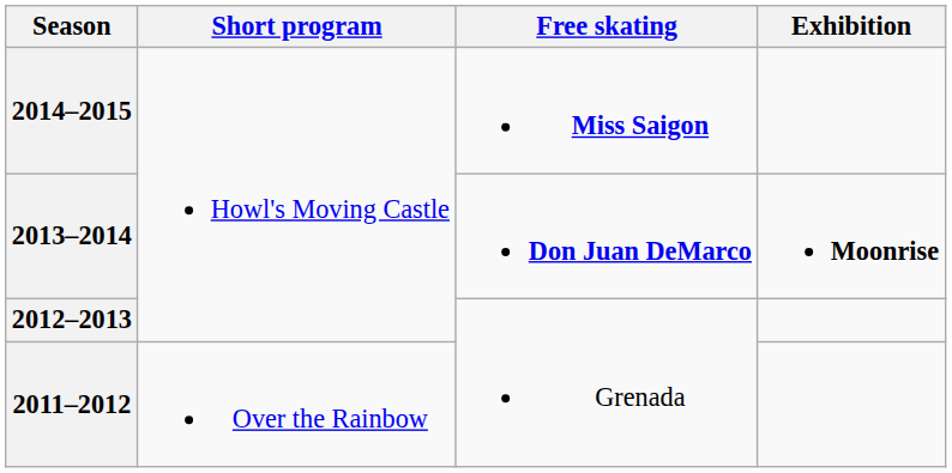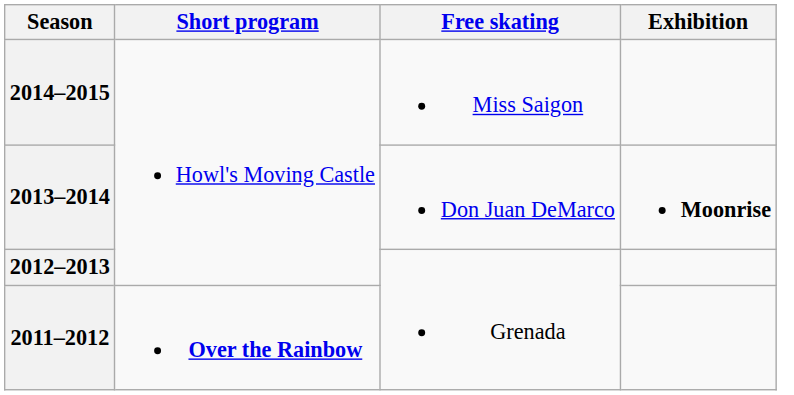 <table class=wikitable style=text-align:center>
 <tr>
 <th>Season</th>
 <th><a href='#'>Short program</a></th>
 <th><a href='#'>Free skating</a></th>
 <th>Exhibition</th>
 </tr>
 <tr>
 <th>2014–2015</th>
 <td rowspan=3><br><ul><li><a href='#'>Howl's Moving Castle</a> <br></li></ul></td>
-<td><strong><br><ul><li><a href='#'>Miss Saigon</a> <br></li></ul></strong></td>
+<td><br><ul><li><a href='#'>Miss Saigon</a> <br></li></ul></td>
 <td></td>
 </tr>
 <tr>
 <th>2013–2014 <br> </th>
-<td><strong><br><ul><li><a href='#'>Don Juan DeMarco</a> <br></li></ul></strong></td>
+<td><br><ul><li><a href='#'>Don Juan DeMarco</a> <br></li></ul></td>
 <td><strong><br><ul><li>Moonrise</li></ul></strong></td>
 </tr>
 <tr>
 <th>2012–2013 <br> </th>
 <td rowspan=2><br><ul><li>Grenada</li></ul></td>
 <td></td>
 </tr>
 <tr>
 <th>2011–2012</th>
-<td><br><ul><li><a href='#'>Over the Rainbow</a> <br></li></ul></td>
+<td><strong><br><ul><li><a href='#'>Over the Rainbow</a> <br></li></ul></strong></td>
 <td></td>
 </tr>
 </table>
